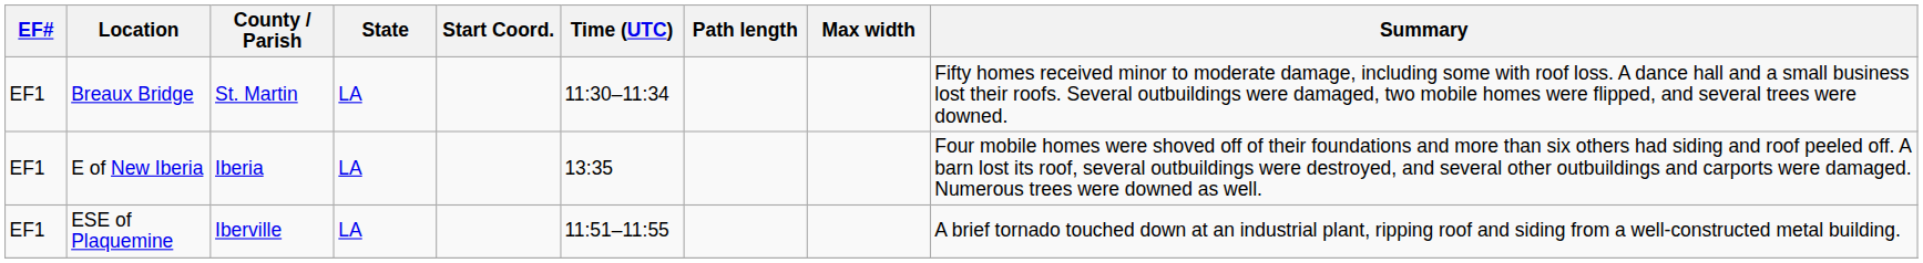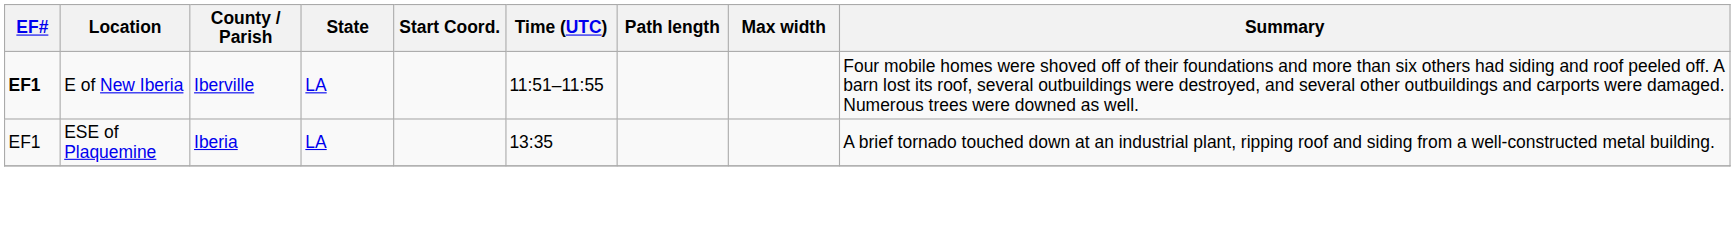 <table class="wikitable sortable" style="width:100%;">
 <tr>
 <th scope="col"  style="width:3%; text-align:center;"><a href='#'>EF#</a></th>
 <th scope="col"  style="width:7%; text-align:center;" class="unsortable">Location</th>
 <th scope="col"  style="width:6%; text-align:center;" class="unsortable">County / Parish</th>
 <th scope="col"  style="width:5%; text-align:center;">State</th>
 <th scope="col"  style="width:6%; text-align:center;">Start Coord.</th>
 <th scope="col"  style="width:6%; text-align:center;">Time (<a href='#'>UTC</a>)</th>
 <th scope="col"  style="width:6%; text-align:center;">Path length</th>
 <th scope="col"  style="width:6%; text-align:center;">Max width</th>
 <th scope="col" class="unsortable" style="width:48%; text-align:center;">Summary</th>
 </tr>
 <tr>
-<td>EF1</td>
-<td><a href='#'>Breaux Bridge</a></td>
-<td><a href='#'>St. Martin</a></td>
+<td><strong>EF1</strong></td>
+<td>E of <a href='#'>New Iberia</a></td>
+<td><a href='#'>Iberville</a></td>
 <td><a href='#'>LA</a></td>
 <td></td>
-<td>11:30–11:34</td>
-<td></td>
-<td></td>
-<td>Fifty homes received minor to moderate damage, including some with roof loss. A dance hall and a small business lost their roofs. Several outbuildings were damaged, two mobile homes were flipped, and several trees were downed.</td>
-</tr>
-<tr>
-<td>EF1</td>
-<td>E of <a href='#'>New Iberia</a></td>
-<td><a href='#'>Iberia</a></td>
-<td><a href='#'>LA</a></td>
-<td></td>
-<td>13:35</td>
+<td>11:51–11:55</td>
 <td></td>
 <td></td>
 <td>Four mobile homes were shoved off of their foundations and more than six others had siding and roof peeled off. A barn lost its roof, several outbuildings were destroyed, and several other outbuildings and carports were damaged. Numerous trees were downed as well.</td>
 </tr>
 <tr>
 <td>EF1</td>
 <td>ESE of <a href='#'>Plaquemine</a></td>
-<td><a href='#'>Iberville</a></td>
+<td><a href='#'>Iberia</a></td>
 <td><a href='#'>LA</a></td>
 <td></td>
-<td>11:51–11:55</td>
+<td>13:35</td>
 <td></td>
 <td></td>
 <td>A brief tornado touched down at an industrial plant, ripping roof and siding from a well-constructed metal building.</td>
 </tr>
 <tr>
 </tr>
 </table>
